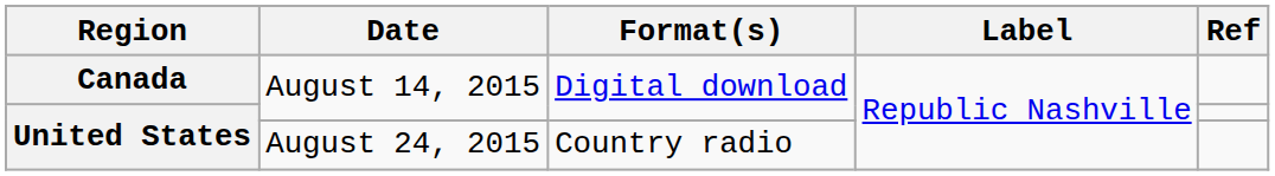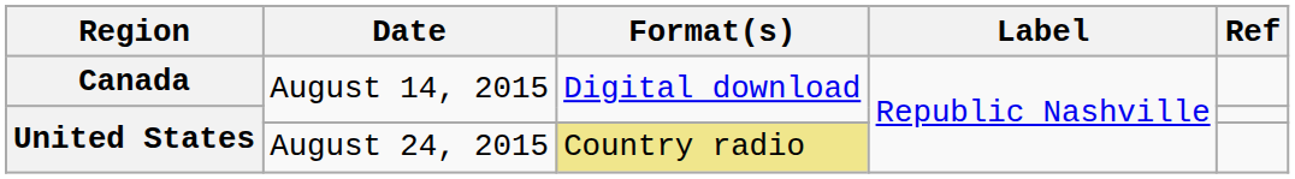 <table class="wikitable plainrowheaders">
 <tr>
 <th scope="col">Region</th>
 <th scope="col">Date</th>
 <th scope="col">Format(s)</th>
 <th scope="col">Label</th>
 <th scope="col">Ref</th>
 </tr>
 <tr>
 <th scope="row">Canada</th>
 <td rowspan="2">August 14, 2015</td>
 <td rowspan="2"><a href='#'>Digital download</a></td>
 <td rowspan="3"><a href='#'>Republic Nashville</a></td>
 <td></td>
 </tr>
 <tr>
 <th scope="row" rowspan="2">United States</th>
 <td></td>
 </tr>
 <tr>
 <td>August 24, 2015</td>
-<td>Country radio</td>
+<td style="background: khaki;">Country radio</td>
 <td></td>
 </tr>
 </table>
